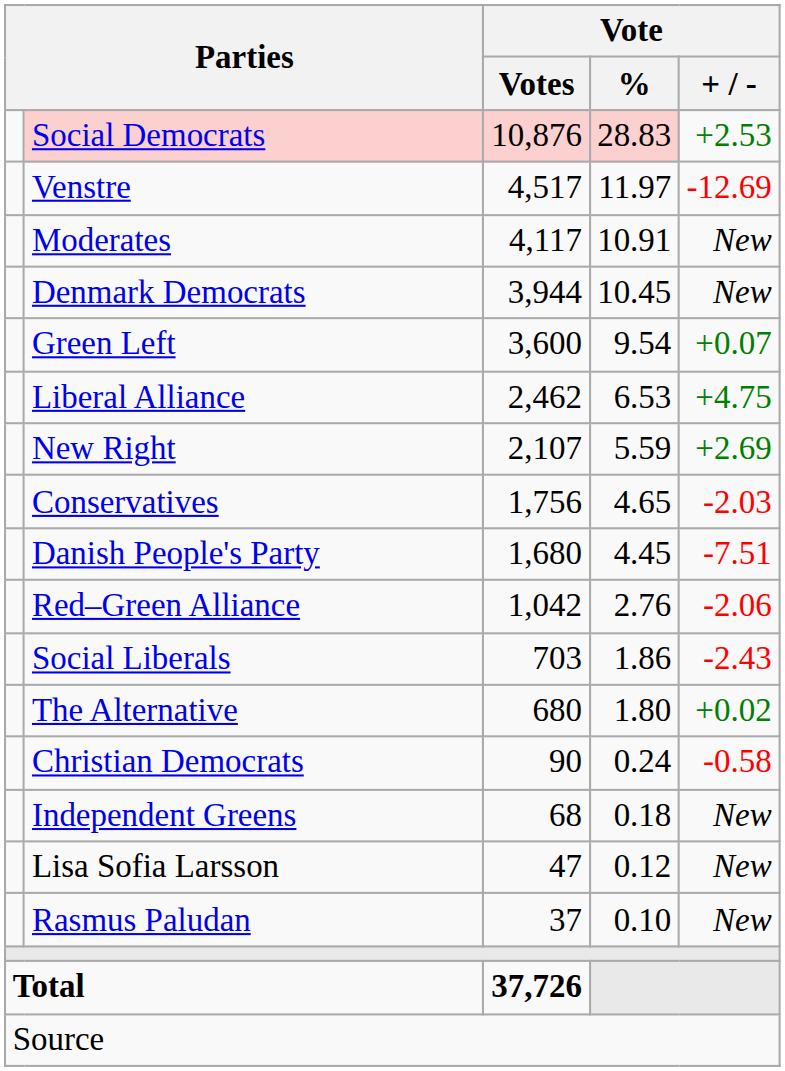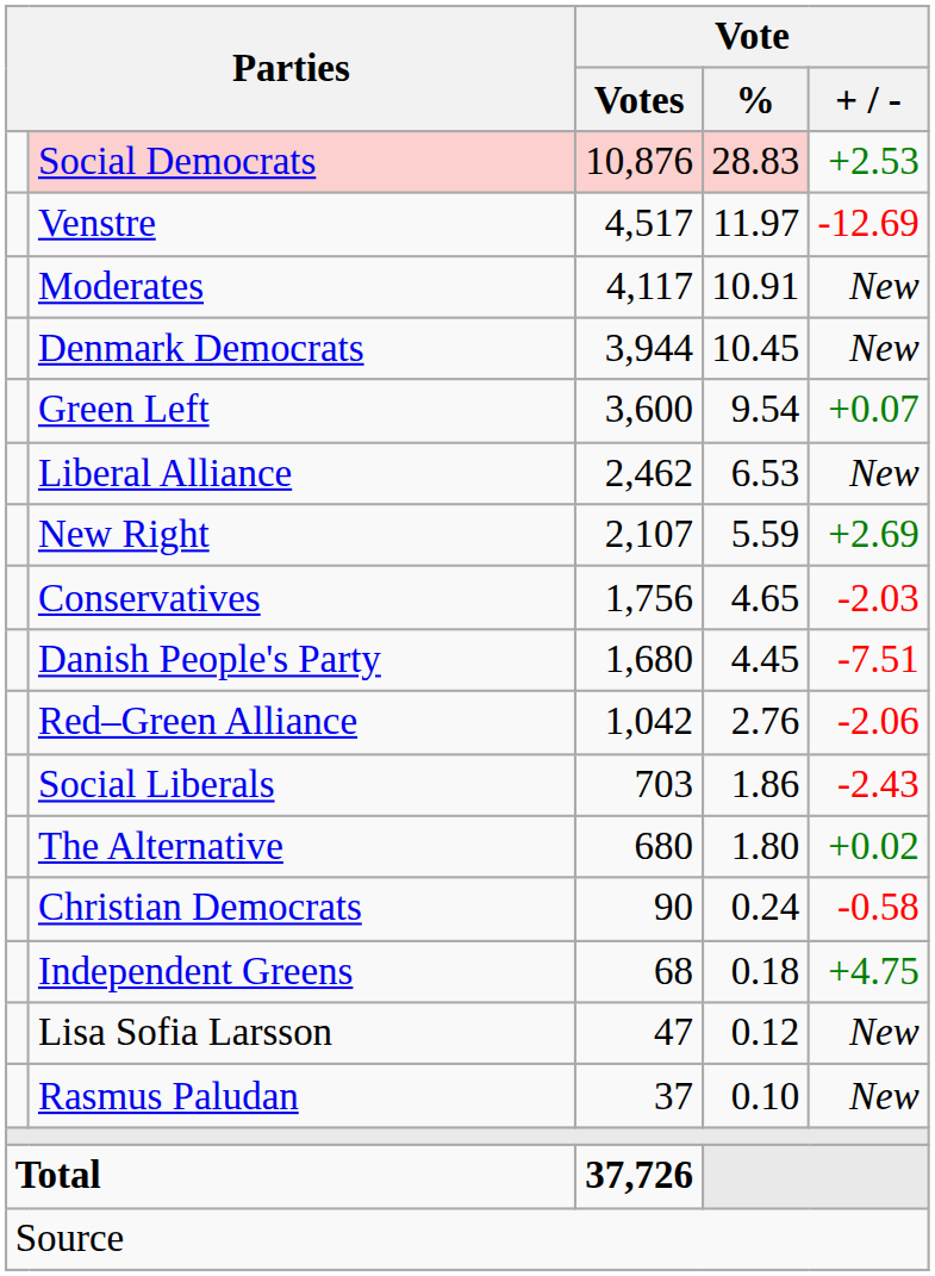 <table class="wikitable" style="text-align:right;">
 <tr>
 <th style="text-align:centre;" rowspan="2" colspan="2" width="225">Parties</th>
 <th colspan="3">Vote</th>
 </tr>
 <tr>
 <th width="15">Votes</th>
 <th width="15">%</th>
 <th width="15">+ / -</th>
 </tr>
 <tr>
 <td width="2" style="color:inherit;background:"></td>
 <td bgcolor=#fbd0ce  align="left"><a href='#'>Social Democrats</a></td>
 <td bgcolor=#fbd0ce>10,876</td>
 <td bgcolor=#fbd0ce>28.83</td>
 <td style=color:green;>+2.53</td>
 </tr>
 <tr>
 <td width="2" style="color:inherit;background:"></td>
 <td align="left"><a href='#'>Venstre</a></td>
 <td>4,517</td>
 <td>11.97</td>
 <td style=color:red;>-12.69</td>
 </tr>
 <tr>
 <td width="2" style="color:inherit;background:"></td>
 <td align="left"><a href='#'>Moderates</a></td>
 <td>4,117</td>
 <td>10.91</td>
 <td><em>New</em></td>
 </tr>
 <tr>
 <td width="2" style="color:inherit;background:"></td>
 <td align="left"><a href='#'>Denmark Democrats</a></td>
 <td>3,944</td>
 <td>10.45</td>
 <td><em>New</em></td>
 </tr>
 <tr>
 <td width="2" style="color:inherit;background:"></td>
 <td align="left"><a href='#'>Green Left</a></td>
 <td>3,600</td>
 <td>9.54</td>
 <td style=color:green;>+0.07</td>
 </tr>
 <tr>
 <td width="2" style="color:inherit;background:"></td>
 <td align="left"><a href='#'>Liberal Alliance</a></td>
 <td>2,462</td>
 <td>6.53</td>
-<td style=color:green;>+4.75</td>
+<td><em>New</em></td>
 </tr>
 <tr>
 <td width="2" style="color:inherit;background:"></td>
 <td align="left"><a href='#'>New Right</a></td>
 <td>2,107</td>
 <td>5.59</td>
 <td style=color:green;>+2.69</td>
 </tr>
 <tr>
 <td width="2" style="color:inherit;background:"></td>
 <td align="left"><a href='#'>Conservatives</a></td>
 <td>1,756</td>
 <td>4.65</td>
 <td style=color:red;>-2.03</td>
 </tr>
 <tr>
 <td width="2" style="color:inherit;background:"></td>
 <td align="left"><a href='#'>Danish People's Party</a></td>
 <td>1,680</td>
 <td>4.45</td>
 <td style=color:red;>-7.51</td>
 </tr>
 <tr>
 <td width="2" style="color:inherit;background:"></td>
 <td align="left"><a href='#'>Red–Green Alliance</a></td>
 <td>1,042</td>
 <td>2.76</td>
 <td style=color:red;>-2.06</td>
 </tr>
 <tr>
 <td width="2" style="color:inherit;background:"></td>
 <td align="left"><a href='#'>Social Liberals</a></td>
 <td>703</td>
 <td>1.86</td>
 <td style=color:red;>-2.43</td>
 </tr>
 <tr>
 <td width="2" style="color:inherit;background:"></td>
 <td align="left"><a href='#'>The Alternative</a></td>
 <td>680</td>
 <td>1.80</td>
 <td style=color:green;>+0.02</td>
 </tr>
 <tr>
 <td width="2" style="color:inherit;background:"></td>
 <td align="left"><a href='#'>Christian Democrats</a></td>
 <td>90</td>
 <td>0.24</td>
 <td style=color:red;>-0.58</td>
 </tr>
 <tr>
 <td width="2" style="color:inherit;background:"></td>
 <td align="left"><a href='#'>Independent Greens</a></td>
 <td>68</td>
 <td>0.18</td>
-<td><em>New</em></td>
+<td style=color:green;>+4.75</td>
 </tr>
 <tr>
 <td width="2" style="color:inherit;background:"></td>
 <td align="left">Lisa Sofia Larsson</td>
 <td>47</td>
 <td>0.12</td>
 <td><em>New</em></td>
 </tr>
 <tr>
 <td width="2" style="color:inherit;background:"></td>
 <td align="left"><a href='#'>Rasmus Paludan</a></td>
 <td>37</td>
 <td>0.10</td>
 <td><em>New</em></td>
 </tr>
 <tr>
 <td colspan="7" bgcolor="#E9E9E9"></td>
 </tr>
 <tr>
 <td align="left" colspan="2"><strong>Total</strong></td>
 <td><strong>37,726</strong></td>
 <td bgcolor="#E9E9E9" colspan="2"></td>
 </tr>
 <tr>
 <td align="left" colspan="6">Source</td>
 </tr>
 </table>
